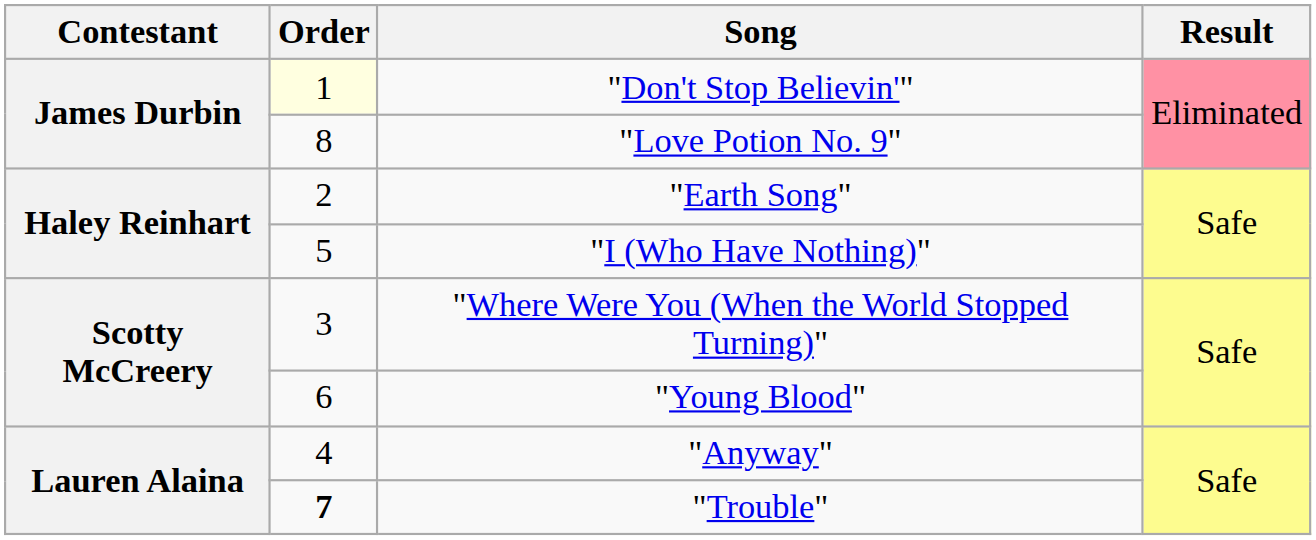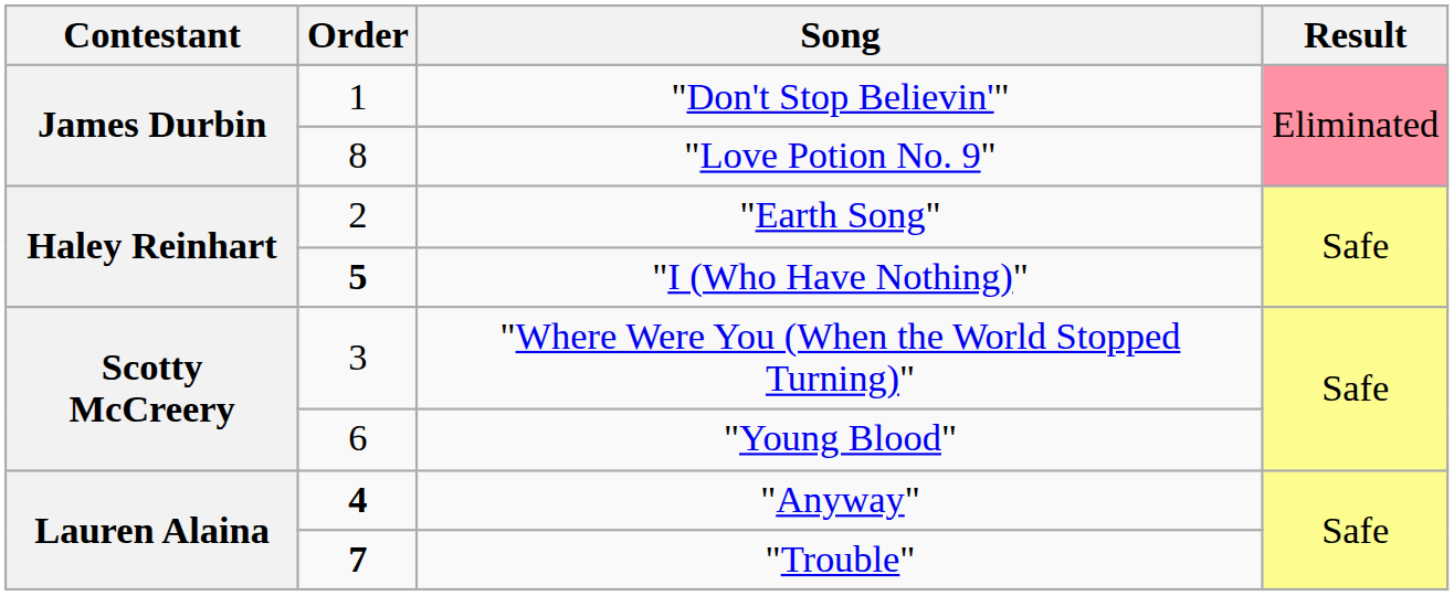 <table class="wikitable unsortable" style="text-align:center;">
 <tr>
 <th scope="col">Contestant</th>
 <th scope="col">Order</th>
 <th scope="col">Song</th>
 <th scope="col">Result</th>
 </tr>
 <tr>
 <th scope="row" rowspan="2">James Durbin</th>
-<td style="background: lightyellow;">1</td>
+<td>1</td>
 <td>"<a href='#'>Don't Stop Believin'</a>"</td>
 <td rowspan="2" bgcolor="FF91A4">Eliminated</td>
 </tr>
 <tr>
 <td>8</td>
 <td>"<a href='#'>Love Potion No. 9</a>"</td>
 </tr>
 <tr>
 <th scope="row" rowspan="2">Haley Reinhart</th>
 <td>2</td>
 <td>"<a href='#'>Earth Song</a>"</td>
 <td rowspan="2" bgcolor="FDFC8F">Safe</td>
 </tr>
 <tr>
-<td>5</td>
+<td><strong>5</strong></td>
 <td>"<a href='#'>I (Who Have Nothing)</a>"</td>
 </tr>
 <tr>
 <th scope="row" rowspan="2">Scotty McCreery</th>
 <td>3</td>
 <td>"<a href='#'>Where Were You (When the World Stopped Turning)</a>"</td>
 <td rowspan="2" bgcolor="FDFC8F">Safe</td>
 </tr>
 <tr>
 <td>6</td>
 <td>"<a href='#'>Young Blood</a>"</td>
 </tr>
 <tr>
 <th scope="row" rowspan="2">Lauren Alaina</th>
-<td>4</td>
+<td><strong>4</strong></td>
 <td>"<a href='#'>Anyway</a>"</td>
 <td rowspan="2" bgcolor="FDFC8F">Safe</td>
 </tr>
 <tr>
 <td><strong>7</strong></td>
 <td>"<a href='#'>Trouble</a>"</td>
 </tr>
 </table>
